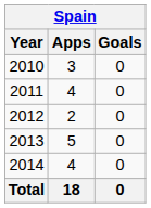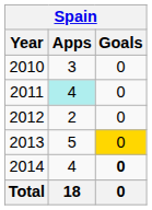 <table class="wikitable" style="text-align:center">
 <tr>
 <th colspan=3><a href='#'>Spain</a></th>
 </tr>
 <tr>
 <th>Year</th>
 <th>Apps</th>
 <th>Goals</th>
 </tr>
 <tr>
 <td>2010</td>
 <td>3</td>
 <td>0</td>
 </tr>
 <tr>
 <td>2011</td>
-<td>4</td>
+<td style="background: paleturquoise;">4</td>
 <td>0</td>
 </tr>
 <tr>
 <td>2012</td>
 <td>2</td>
 <td>0</td>
 </tr>
 <tr>
 <td>2013</td>
 <td>5</td>
-<td>0</td>
+<td style="background: gold;">0</td>
 </tr>
 <tr>
 <td>2014</td>
 <td>4</td>
-<td>0</td>
+<td><strong>0</strong></td>
 </tr>
 <tr>
 <th>Total</th>
 <th>18</th>
 <th>0</th>
 </tr>
 </table>
